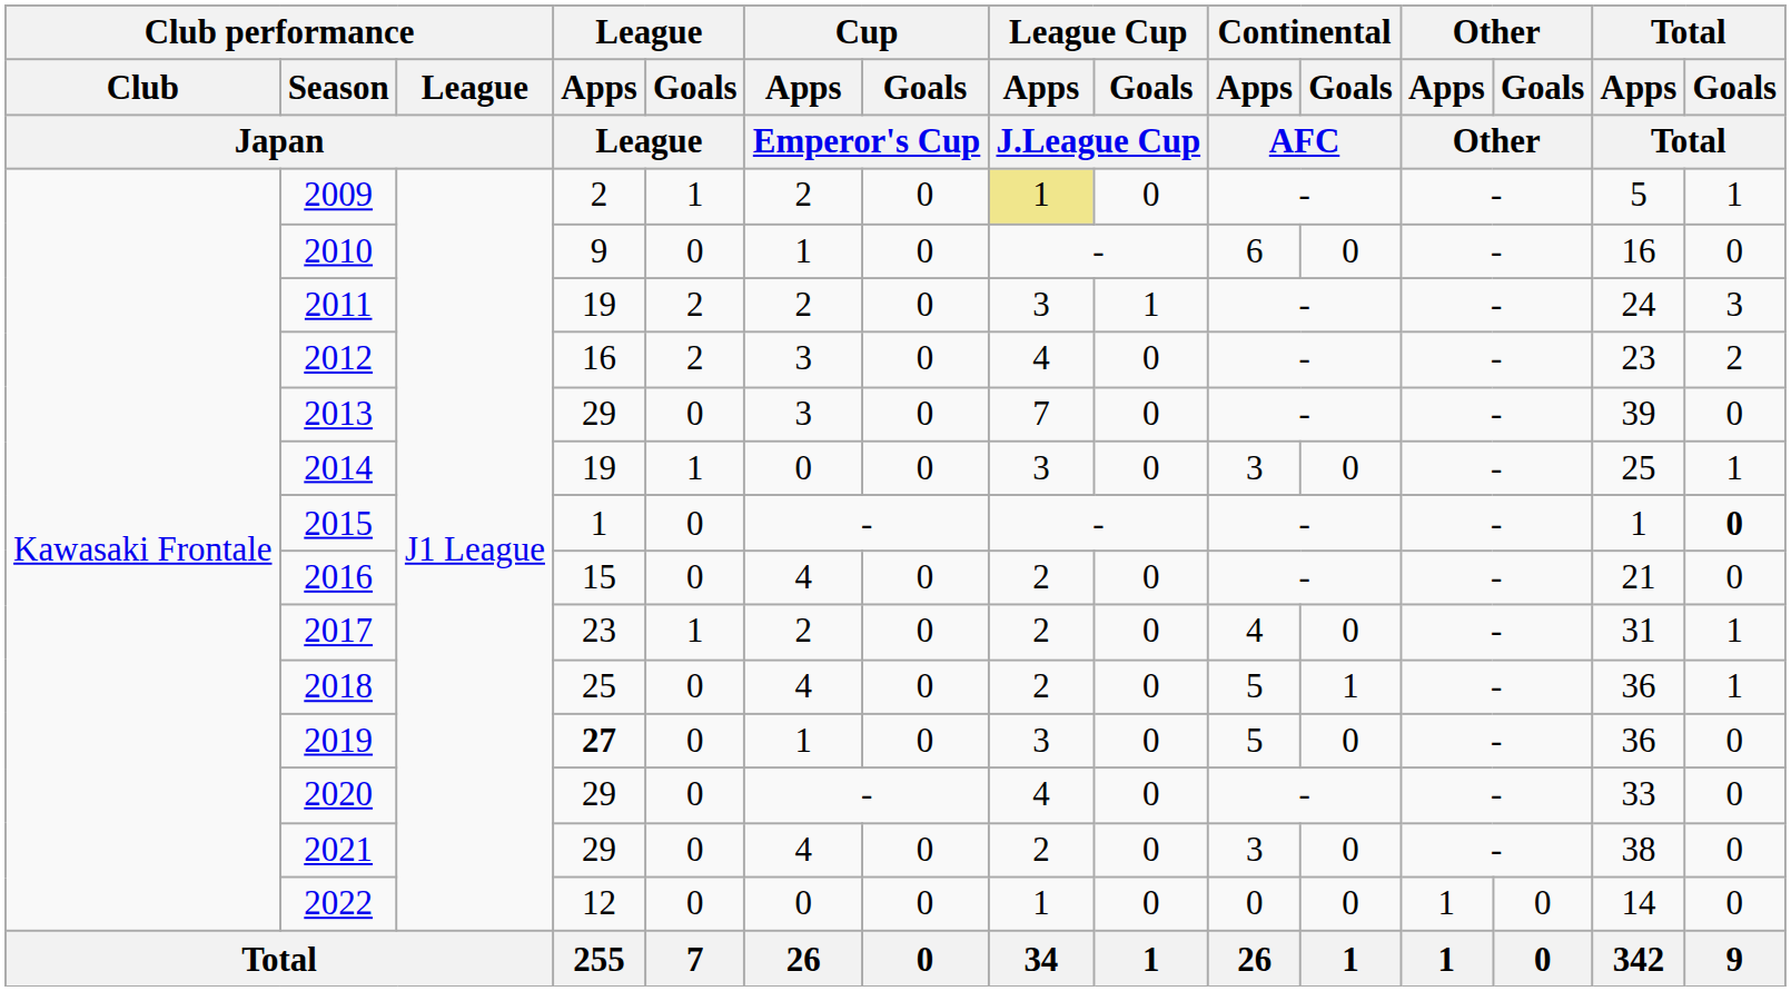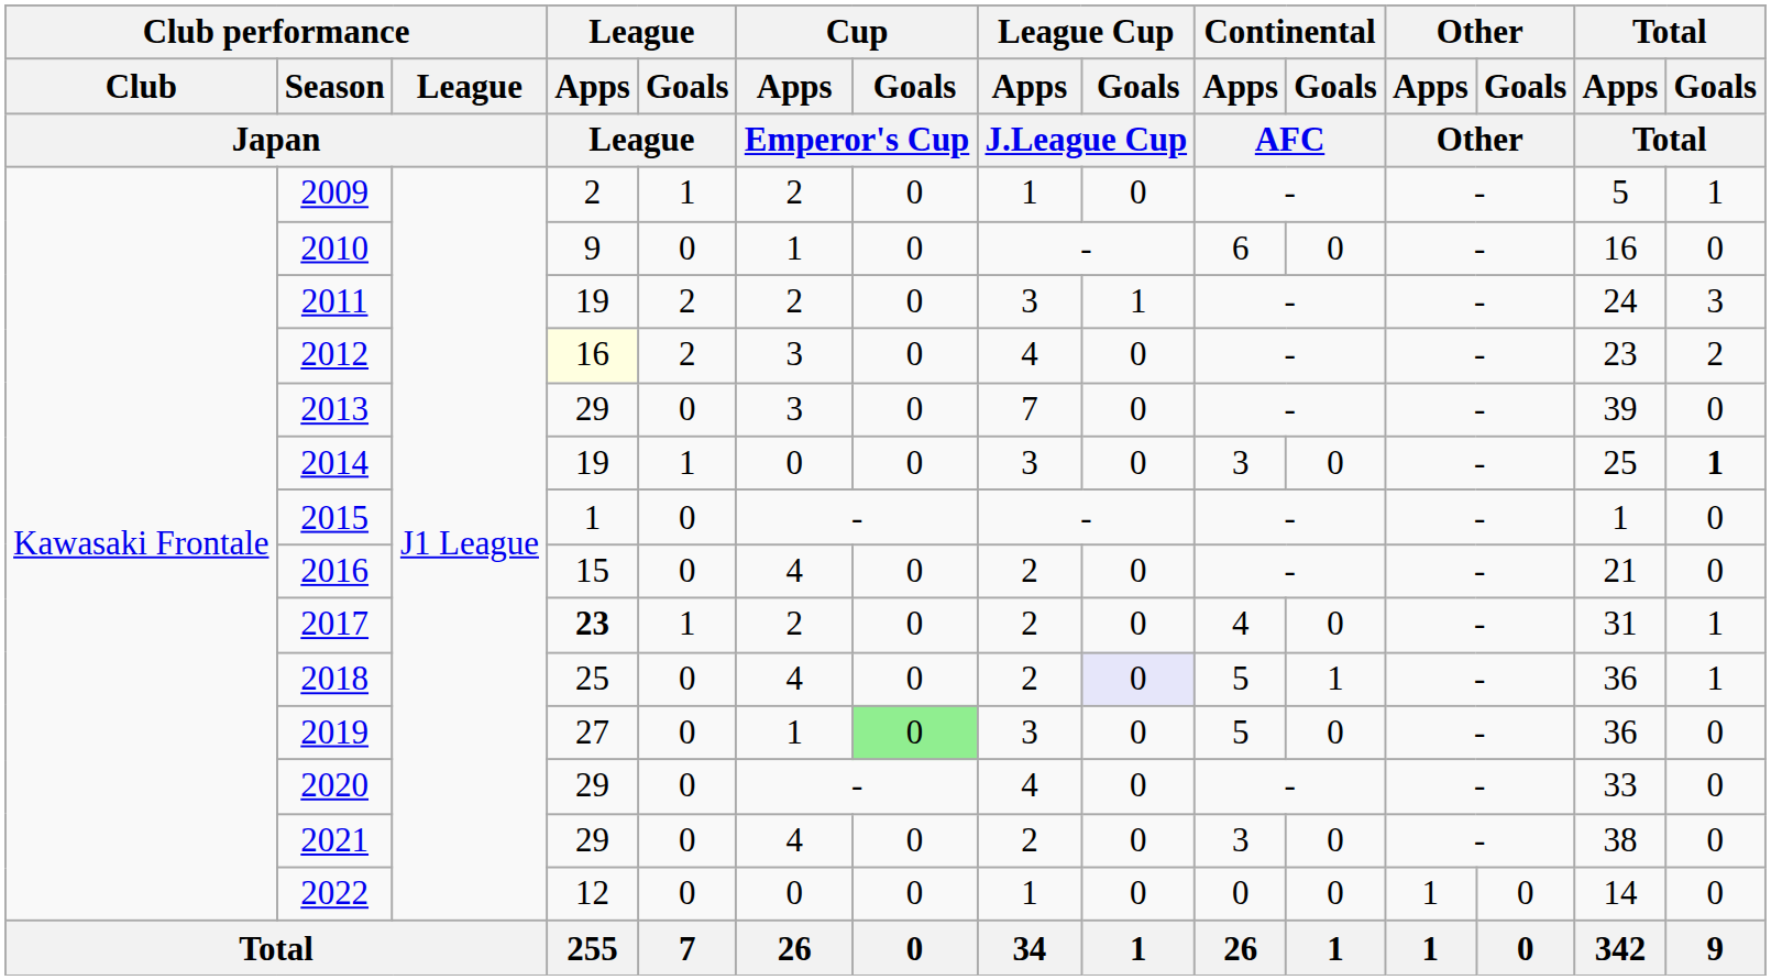 <table class="wikitable" style="text-align:center;">
 <tr>
 <th colspan=3>Club performance</th>
 <th colspan=2>League</th>
 <th colspan=2>Cup</th>
 <th colspan=2>League Cup</th>
 <th colspan=2>Continental</th>
 <th colspan=2>Other</th>
 <th colspan=2>Total</th>
 </tr>
 <tr>
 <th>Club</th>
 <th>Season</th>
 <th>League</th>
 <th>Apps</th>
 <th>Goals</th>
 <th>Apps</th>
 <th>Goals</th>
 <th>Apps</th>
 <th>Goals</th>
 <th>Apps</th>
 <th>Goals</th>
 <th>Apps</th>
 <th>Goals</th>
 <th>Apps</th>
 <th>Goals</th>
 </tr>
 <tr>
 <th colspan=3>Japan</th>
 <th colspan=2>League</th>
 <th colspan=2><a href='#'>Emperor's Cup</a></th>
 <th colspan=2><a href='#'>J.League Cup</a></th>
 <th colspan=2><a href='#'>AFC</a></th>
 <th colspan=2>Other</th>
 <th colspan=2>Total</th>
 </tr>
 <tr>
 <td rowspan="14"><a href='#'>Kawasaki Frontale</a></td>
 <td><a href='#'>2009</a></td>
 <td rowspan="14"><a href='#'>J1 League</a></td>
 <td>2</td>
 <td>1</td>
 <td>2</td>
 <td>0</td>
-<td style="background: khaki;">1</td>
+<td>1</td>
 <td>0</td>
 <td colspan="2">-</td>
 <td colspan="2">-</td>
 <td>5</td>
 <td>1</td>
 </tr>
 <tr>
 <td><a href='#'>2010</a></td>
 <td>9</td>
 <td>0</td>
 <td>1</td>
 <td>0</td>
 <td colspan="2">-</td>
 <td>6</td>
 <td>0</td>
 <td colspan="2">-</td>
 <td>16</td>
 <td>0</td>
 </tr>
 <tr>
 <td><a href='#'>2011</a></td>
 <td>19</td>
 <td>2</td>
 <td>2</td>
 <td>0</td>
 <td>3</td>
 <td>1</td>
 <td colspan="2">-</td>
 <td colspan="2">-</td>
 <td>24</td>
 <td>3</td>
 </tr>
 <tr>
 <td><a href='#'>2012</a></td>
-<td>16</td>
+<td style="background: lightyellow;">16</td>
 <td>2</td>
 <td>3</td>
 <td>0</td>
 <td>4</td>
 <td>0</td>
 <td colspan="2">-</td>
 <td colspan="2">-</td>
 <td>23</td>
 <td>2</td>
 </tr>
 <tr>
 <td><a href='#'>2013</a></td>
 <td>29</td>
 <td>0</td>
 <td>3</td>
 <td>0</td>
 <td>7</td>
 <td>0</td>
 <td colspan="2">-</td>
 <td colspan="2">-</td>
 <td>39</td>
 <td>0</td>
 </tr>
 <tr>
 <td><a href='#'>2014</a></td>
 <td>19</td>
 <td>1</td>
 <td>0</td>
 <td>0</td>
 <td>3</td>
 <td>0</td>
 <td>3</td>
 <td>0</td>
 <td colspan="2">-</td>
 <td>25</td>
-<td>1</td>
+<td><strong>1</strong></td>
 </tr>
 <tr>
 <td><a href='#'>2015</a></td>
 <td>1</td>
 <td>0</td>
 <td colspan="2">-</td>
 <td colspan="2">-</td>
 <td colspan="2">-</td>
 <td colspan="2">-</td>
 <td>1</td>
-<td><strong>0</strong></td>
+<td>0</td>
 </tr>
 <tr>
 <td><a href='#'>2016</a></td>
 <td>15</td>
 <td>0</td>
 <td>4</td>
 <td>0</td>
 <td>2</td>
 <td>0</td>
 <td colspan="2">-</td>
 <td colspan="2">-</td>
 <td>21</td>
 <td>0</td>
 </tr>
 <tr>
 <td><a href='#'>2017</a></td>
-<td>23</td>
+<td><strong>23</strong></td>
 <td>1</td>
 <td>2</td>
 <td>0</td>
 <td>2</td>
 <td>0</td>
 <td>4</td>
 <td>0</td>
 <td colspan="2">-</td>
 <td>31</td>
 <td>1</td>
 </tr>
 <tr>
 <td><a href='#'>2018</a></td>
 <td>25</td>
 <td>0</td>
 <td>4</td>
 <td>0</td>
 <td>2</td>
-<td>0</td>
+<td style="background: lavender;">0</td>
 <td>5</td>
 <td>1</td>
 <td colspan="2">-</td>
 <td>36</td>
 <td>1</td>
 </tr>
 <tr>
 <td><a href='#'>2019</a></td>
-<td><strong>27</strong></td>
+<td>27</td>
 <td>0</td>
 <td>1</td>
-<td>0</td>
+<td style="background: lightgreen;">0</td>
 <td>3</td>
 <td>0</td>
 <td>5</td>
 <td>0</td>
 <td colspan="2">-</td>
 <td>36</td>
 <td>0</td>
 </tr>
 <tr>
 <td><a href='#'>2020</a></td>
 <td>29</td>
 <td>0</td>
 <td colspan="2">-</td>
 <td>4</td>
 <td>0</td>
 <td colspan=2>-</td>
 <td colspan="2">-</td>
 <td>33</td>
 <td>0</td>
 </tr>
 <tr>
 <td><a href='#'>2021</a></td>
 <td>29</td>
 <td>0</td>
 <td>4</td>
 <td>0</td>
 <td>2</td>
 <td>0</td>
 <td>3</td>
 <td>0</td>
 <td colspan="2">-</td>
 <td>38</td>
 <td>0</td>
 </tr>
 <tr>
 <td><a href='#'>2022</a></td>
 <td>12</td>
 <td>0</td>
 <td>0</td>
 <td>0</td>
 <td>1</td>
 <td>0</td>
 <td>0</td>
 <td>0</td>
 <td>1</td>
 <td>0</td>
 <td>14</td>
 <td>0</td>
 </tr>
 <tr>
 <th colspan="3">Total</th>
 <th>255</th>
 <th>7</th>
 <th>26</th>
 <th>0</th>
 <th>34</th>
 <th>1</th>
 <th>26</th>
 <th>1</th>
 <th>1</th>
 <th>0</th>
 <th>342</th>
 <th>9</th>
 </tr>
 </table>
